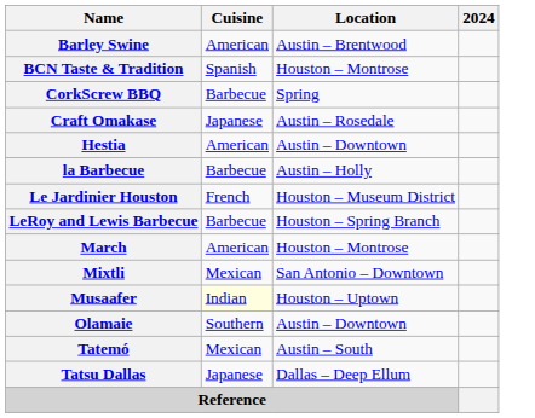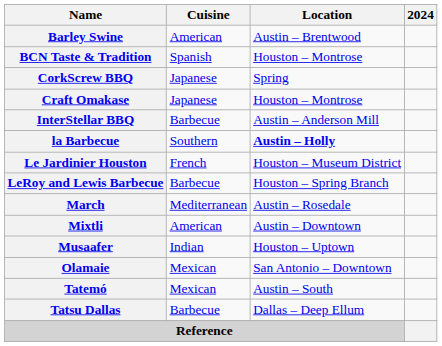 <table class="wikitable sortable plainrowheaders" style="text-align:left;"">
 <tr>
 <th scope="col">Name</th>
 <th scope="col">Cuisine</th>
 <th scope="col">Location</th>
 <th scope="col">2024</th>
 </tr>
 <tr>
 <th scope="row"><a href='#'>Barley Swine</a></th>
 <td><a href='#'>American</a></td>
 <td><a href='#'>Austin – Brentwood</a></td>
 <td></td>
 </tr>
 <tr>
 <th scope="row"><a href='#'>BCN Taste & Tradition</a></th>
 <td><a href='#'>Spanish</a></td>
 <td><a href='#'>Houston – Montrose</a></td>
 <td></td>
 </tr>
 <tr>
 <th scope="row"><a href='#'>CorkScrew BBQ</a></th>
-<td><a href='#'>Barbecue</a></td>
+<td><a href='#'>Japanese</a></td>
 <td><a href='#'>Spring</a></td>
 <td></td>
 </tr>
 <tr>
 <th scope="row"><a href='#'>Craft Omakase</a></th>
 <td><a href='#'>Japanese</a></td>
-<td><a href='#'>Austin – Rosedale</a></td>
+<td><a href='#'>Houston – Montrose</a></td>
 <td></td>
 </tr>
 <tr>
-<th scope="row"><a href='#'>Hestia</a></th>
-<td><a href='#'>American</a></td>
-<td><a href='#'>Austin – Downtown</a></td>
+<th scope="row"><a href='#'>InterStellar BBQ</a></th>
+<td><a href='#'>Barbecue</a></td>
+<td><a href='#'>Austin – Anderson Mill</a></td>
 <td></td>
 </tr>
 <tr>
 <th scope="row"><a href='#'>la Barbecue</a></th>
-<td><a href='#'>Barbecue</a></td>
-<td><a href='#'>Austin – Holly</a></td>
+<td><a href='#'>Southern</a></td>
+<td><strong><a href='#'>Austin – Holly</a></strong></td>
 <td></td>
 </tr>
 <tr>
 <th scope="row"><a href='#'>Le Jardinier Houston</a></th>
 <td><a href='#'>French</a></td>
 <td><a href='#'>Houston – Museum District</a></td>
 <td></td>
 </tr>
 <tr>
 <th scope="row"><a href='#'>LeRoy and Lewis Barbecue</a></th>
 <td><a href='#'>Barbecue</a></td>
 <td><a href='#'>Houston – Spring Branch</a></td>
 <td></td>
 </tr>
 <tr>
 <th scope="row"><a href='#'>March</a></th>
-<td><a href='#'>American</a></td>
-<td><a href='#'>Houston – Montrose</a></td>
+<td><a href='#'>Mediterranean</a></td>
+<td><a href='#'>Austin – Rosedale</a></td>
 <td></td>
 </tr>
 <tr>
 <th scope="row"><a href='#'>Mixtli</a></th>
-<td><a href='#'>Mexican</a></td>
-<td><a href='#'>San Antonio – Downtown</a></td>
+<td><a href='#'>American</a></td>
+<td><a href='#'>Austin – Downtown</a></td>
 <td></td>
 </tr>
 <tr>
 <th scope="row"><a href='#'>Musaafer</a></th>
-<td style="background: lightyellow;"><a href='#'>Indian</a></td>
+<td><a href='#'>Indian</a></td>
 <td><a href='#'>Houston – Uptown</a></td>
 <td></td>
 </tr>
 <tr>
 <th scope="row"><a href='#'>Olamaie</a></th>
-<td><a href='#'>Southern</a></td>
-<td><a href='#'>Austin – Downtown</a></td>
+<td><a href='#'>Mexican</a></td>
+<td><a href='#'>San Antonio – Downtown</a></td>
 <td></td>
 </tr>
 <tr>
 <th scope="row"><a href='#'>Tatemó</a></th>
 <td><a href='#'>Mexican</a></td>
 <td><a href='#'>Austin – South</a></td>
 <td></td>
 </tr>
 <tr>
 <th scope="row"><a href='#'>Tatsu Dallas</a></th>
-<td><a href='#'>Japanese</a></td>
+<td><a href='#'>Barbecue</a></td>
 <td><a href='#'>Dallas – Deep Ellum</a></td>
 <td></td>
 </tr>
 <tr>
 <th colspan="3" style="text-align: center;background: lightgray;">Reference</th>
 <th></th>
 </tr>
 </table>
